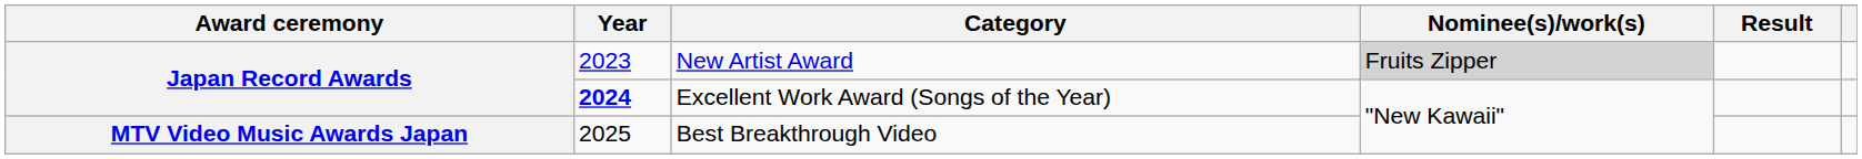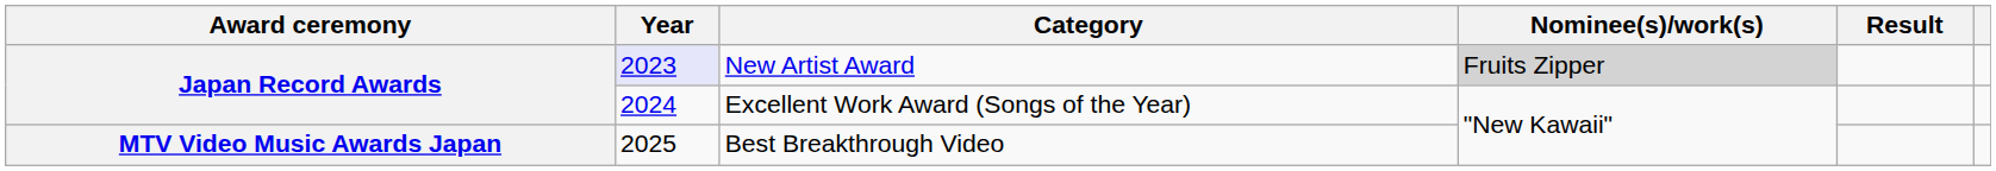 <table class="wikitable plainrowheaders" style="width: 100%;" style="text-align:center;">
 <tr>
 <th scope="col">Award ceremony</th>
 <th scope="col">Year</th>
 <th scope="col">Category</th>
 <th scope="col">Nominee(s)/work(s)</th>
 <th scope="col">Result</th>
 <th scope="col" class="unsortable"></th>
 </tr>
 <tr>
 <th scope="row" rowspan="2"><a href='#'>Japan Record Awards</a></th>
-<td><a href='#'>2023</a></td>
+<td style="background: lavender;"><a href='#'>2023</a></td>
 <td><a href='#'>New Artist Award</a></td>
 <td style="background: lightgrey;">Fruits Zipper</td>
 <td></td>
 <td></td>
 </tr>
 <tr>
-<td><strong><a href='#'>2024</a></strong></td>
+<td><a href='#'>2024</a></td>
 <td>Excellent Work Award (Songs of the Year)</td>
 <td rowspan="2">"New Kawaii"</td>
 <td></td>
 <td></td>
 </tr>
 <tr>
 <th scope="row"><a href='#'>MTV Video Music Awards Japan</a></th>
 <td>2025</td>
 <td>Best Breakthrough Video</td>
 <td></td>
 <td></td>
 </tr>
 </table>
